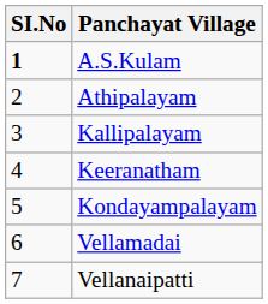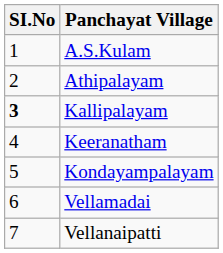 <table class="wikitable sortable">
 <tr>
 <th>SI.No</th>
 <th>Panchayat Village</th>
 </tr>
 <tr>
-<td><strong>1</strong></td>
+<td>1</td>
 <td><a href='#'>A.S.Kulam</a></td>
 </tr>
 <tr>
 <td>2</td>
 <td><a href='#'>Athipalayam</a></td>
 </tr>
 <tr>
-<td>3</td>
+<td><strong>3</strong></td>
 <td><a href='#'>Kallipalayam</a></td>
 </tr>
 <tr>
 <td>4</td>
 <td><a href='#'>Keeranatham</a></td>
 </tr>
 <tr>
 <td>5</td>
 <td><a href='#'>Kondayampalayam</a></td>
 </tr>
 <tr>
 <td>6</td>
 <td><a href='#'>Vellamadai</a></td>
 </tr>
 <tr>
 <td>7</td>
 <td>Vellanaipatti</td>
 </tr>
 </table>
